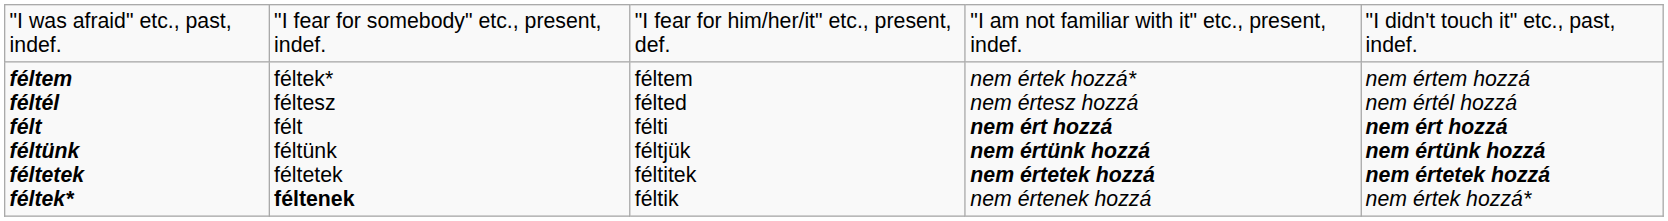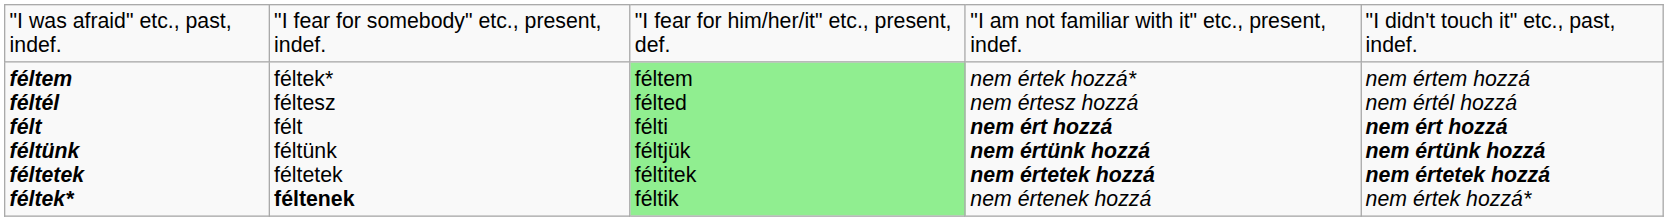 <table class="wikitable" align=center>
 <tr>
 <td>"I was afraid" etc., past, indef.</td>
 <td>"I fear for somebody" etc., present, indef.</td>
 <td>"I fear for him/her/it" etc., present, def.</td>
 <td>"I am not familiar with it" etc., present, indef.</td>
 <td>"I didn't touch it" etc., past, indef.</td>
 </tr>
 <tr>
 <td><strong><em>féltem<strong><br>féltél<br></strong>félt<strong><br></strong>féltünk<strong><br></strong>féltetek<strong><br>féltek*<em></td>
 <td></em>féltek*<br>féltesz<br></strong>félt<strong><br></strong>féltünk<strong><br></strong>féltetek<strong><br>féltenek<em></td>
-<td></em></strong>féltem</strong><br>félted<br>félti<br>féltjük<br>féltitek<br>féltik</em></td>
+<td style="background: lightgreen;"></em></strong>féltem</strong><br>félted<br>félti<br>féltjük<br>féltitek<br>féltik</em></td>
 <td><em>nem értek hozzá*<br>nem értesz hozzá<br><strong>nem ért hozzá</strong><br><strong>nem értünk hozzá</strong><br><strong>nem értetek hozzá</strong><br>nem értenek hozzá</em></td>
 <td><em>nem értem hozzá<br>nem értél hozzá<br><strong>nem ért hozzá</strong><br><strong>nem értünk hozzá</strong><br><strong>nem értetek hozzá</strong><br>nem értek hozzá*</em></td>
 </tr>
 </table>
